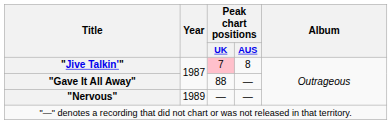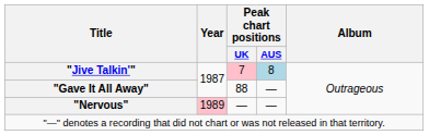 <table class="wikitable plainrowheaders" style="text-align:center;">
 <tr>
 <th scope="colw" rowspan="2" style="width:17em;">Title</th>
 <th scope="col" rowspan="2">Year</th>
 <th scope="col" colspan="2">Peak chart positions</th>
 <th scope="col" rowspan="2" style="width:12em;">Album</th>
 </tr>
 <tr>
 <th scope="col" style="width:2.5em;font-size:90%;"><a href='#'>UK</a><br></th>
 <th scope="col" style="width:2.5em;font-size:90%;"><a href='#'>AUS</a><br></th>
 </tr>
 <tr>
 <th scope="row">"<a href='#'>Jive Talkin'</a>"</th>
 <td rowspan="2">1987</td>
 <td style="background: pink;">7</td>
-<td>8</td>
+<td style="background: lightblue;">8</td>
 <td rowspan="3"><em>Outrageous</em></td>
 </tr>
 <tr>
 <th scope="row">"Gave It All Away"</th>
 <td>88</td>
 <td>—</td>
 </tr>
 <tr>
 <th scope="row">"Nervous"</th>
-<td>1989</td>
+<td style="background: pink;">1989</td>
 <td>—</td>
 <td>—</td>
 </tr>
 <tr>
 <td colspan="5" style="font-size:90%">"—" denotes a recording that did not chart or was not released in that territory.</td>
 </tr>
 </table>
